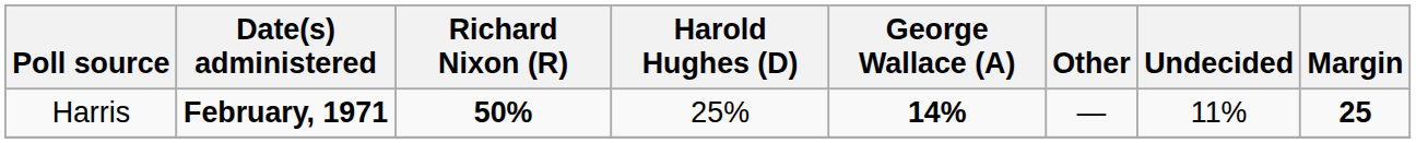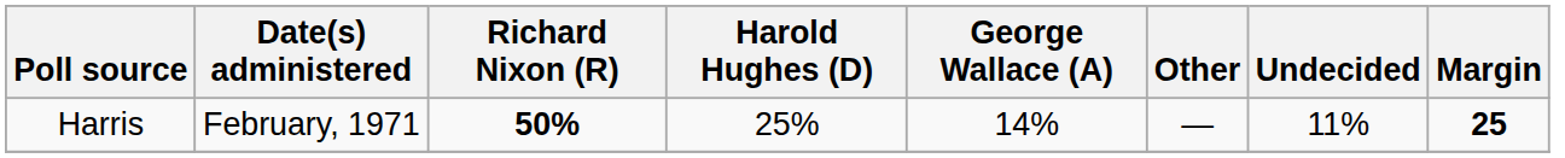 <table class="wikitable sortable" style="text-align:center;font-size:90%;line-height:17px">
 <tr valign= bottom>
 <th>Poll source</th>
 <th>Date(s)<br>administered</th>
 <th class="unsortable" style="width:100px;">Richard<br>Nixon (R)</th>
 <th class="unsortable" style="width:100px;">Harold<br>Hughes (D)</th>
 <th class="unsortable" style="width:100px;">George<br>Wallace (A) </th>
 <th class="unsortable">Other</th>
 <th class="unsortable">Undecided</th>
 <th>Margin</th>
 </tr>
 <tr>
 <td align="center">Harris</td>
-<td><strong>February, 1971</strong></td>
+<td>February, 1971</td>
 <td><strong>50%</strong></td>
 <td align="center">25%</td>
-<td align="center"><strong>14%</strong></td>
+<td align="center">14%</td>
 <td align="center">—</td>
 <td align="center">11%</td>
 <td><strong>25</strong></td>
 </tr>
 <tr>
 </tr>
 </table>
